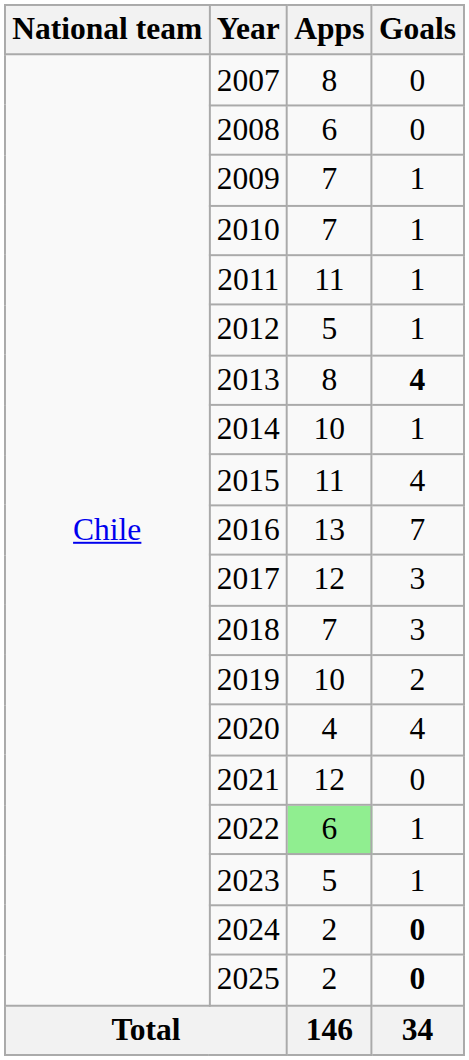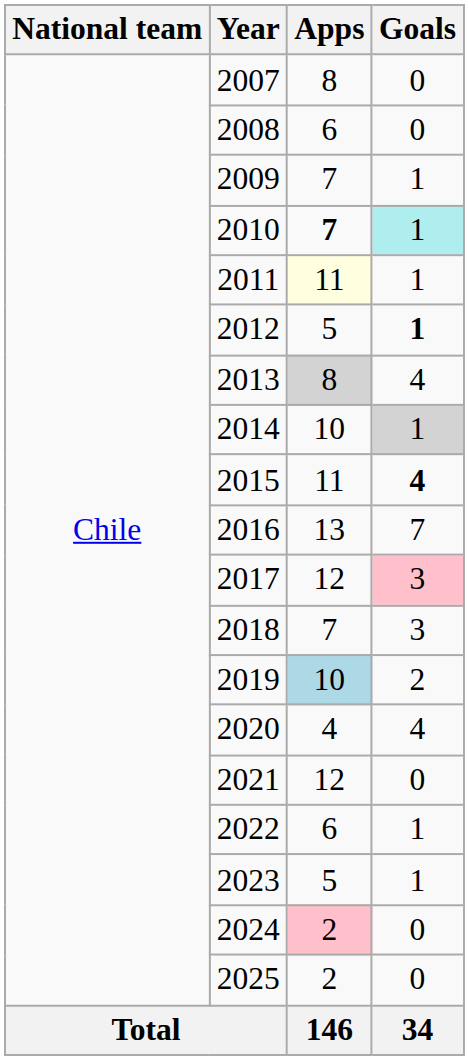 <table class="wikitable" style="text-align:center">
 <tr>
 <th>National team</th>
 <th>Year</th>
 <th>Apps</th>
 <th>Goals</th>
 </tr>
 <tr>
 <td rowspan="19"><a href='#'>Chile</a></td>
 <td>2007</td>
 <td>8</td>
 <td>0</td>
 </tr>
 <tr>
 <td>2008</td>
 <td>6</td>
 <td>0</td>
 </tr>
 <tr>
 <td>2009</td>
 <td>7</td>
 <td>1</td>
 </tr>
 <tr>
 <td>2010</td>
-<td>7</td>
-<td>1</td>
+<td><strong>7</strong></td>
+<td style="background: paleturquoise;">1</td>
 </tr>
 <tr>
 <td>2011</td>
-<td>11</td>
+<td style="background: lightyellow;">11</td>
 <td>1</td>
 </tr>
 <tr>
 <td>2012</td>
 <td>5</td>
-<td>1</td>
+<td><strong>1</strong></td>
 </tr>
 <tr>
 <td>2013</td>
-<td>8</td>
-<td><strong>4</strong></td>
+<td style="background: lightgrey;">8</td>
+<td>4</td>
 </tr>
 <tr>
 <td>2014</td>
 <td>10</td>
-<td>1</td>
+<td style="background: lightgrey;">1</td>
 </tr>
 <tr>
 <td>2015</td>
 <td>11</td>
-<td>4</td>
+<td><strong>4</strong></td>
 </tr>
 <tr>
 <td>2016</td>
 <td>13</td>
 <td>7</td>
 </tr>
 <tr>
 <td>2017</td>
 <td>12</td>
-<td>3</td>
+<td style="background: pink;">3</td>
 </tr>
 <tr>
 <td>2018</td>
 <td>7</td>
 <td>3</td>
 </tr>
 <tr>
 <td>2019</td>
-<td>10</td>
+<td style="background: lightblue;">10</td>
 <td>2</td>
 </tr>
 <tr>
 <td>2020</td>
 <td>4</td>
 <td>4</td>
 </tr>
 <tr>
 <td>2021</td>
 <td>12</td>
 <td>0</td>
 </tr>
 <tr>
 <td>2022</td>
-<td style="background: lightgreen;">6</td>
+<td>6</td>
 <td>1</td>
 </tr>
 <tr>
 <td>2023</td>
 <td>5</td>
 <td>1</td>
 </tr>
 <tr>
 <td>2024</td>
-<td>2</td>
-<td><strong>0</strong></td>
+<td style="background: pink;">2</td>
+<td>0</td>
 </tr>
 <tr>
 <td>2025</td>
 <td>2</td>
-<td><strong>0</strong></td>
+<td>0</td>
 </tr>
 <tr>
 <th colspan="2">Total</th>
 <th>146</th>
 <th>34</th>
 </tr>
 </table>
